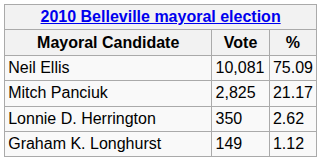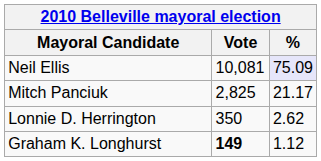 <table class="wikitable">
 <tr>
 <th colspan="3"><a href='#'>2010 Belleville mayoral election</a></th>
 </tr>
 <tr>
 <th bgcolor="#DDDDFF" width="200px">Mayoral Candidate </th>
 <th bgcolor="#DDDDFF" width="50px">Vote</th>
 <th bgcolor="#DDDDFF" width="30px">%</th>
 </tr>
 <tr>
 <td>Neil Ellis</td>
 <td>10,081</td>
-<td>75.09</td>
+<td style="background: lavender;">75.09</td>
 </tr>
 <tr>
 <td>Mitch Panciuk</td>
 <td>2,825</td>
 <td>21.17</td>
 </tr>
 <tr>
 <td>Lonnie D. Herrington</td>
 <td>350</td>
 <td>2.62</td>
 </tr>
 <tr>
 <td>Graham K. Longhurst</td>
-<td>149</td>
+<td><strong>149</strong></td>
 <td>1.12</td>
 </tr>
 </table>
